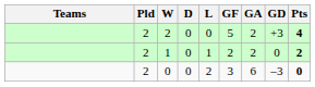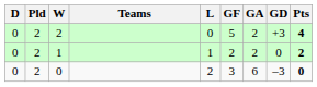 <table class="wikitable" style="text-align: center;">
 <tr>
-<th width=165>Teams</th>
+<th width=20>D</th>
 <th width=20>Pld</th>
 <th width=20>W</th>
-<th width=20>D</th>
+<th width=165>Teams</th>
 <th width=20>L</th>
 <th width=20>GF</th>
 <th width=20>GA</th>
 <th width=20>GD</th>
 <th width=20>Pts</th>
 </tr>
 <tr align=center style="background:#ccffcc;">
-<td style="text-align:left;"></td>
+<td>0</td>
 <td>2</td>
 <td>2</td>
-<td>0</td>
+<td style="text-align:left;"></td>
 <td>0</td>
 <td>5</td>
 <td>2</td>
 <td>+3</td>
 <td><strong>4</strong></td>
 </tr>
 <tr align=center style="background:#ccffcc;">
-<td style="text-align:left;"></td>
+<td>0</td>
 <td>2</td>
 <td>1</td>
-<td>0</td>
+<td style="text-align:left;"></td>
 <td>1</td>
 <td>2</td>
 <td>2</td>
 <td>0</td>
 <td><strong>2</strong></td>
 </tr>
 <tr align=center>
-<td style="text-align:left;"></td>
+<td>0</td>
 <td>2</td>
 <td>0</td>
-<td>0</td>
+<td style="text-align:left;"></td>
 <td>2</td>
 <td>3</td>
 <td>6</td>
 <td>–3</td>
 <td><strong>0</strong></td>
 </tr>
 </table>
